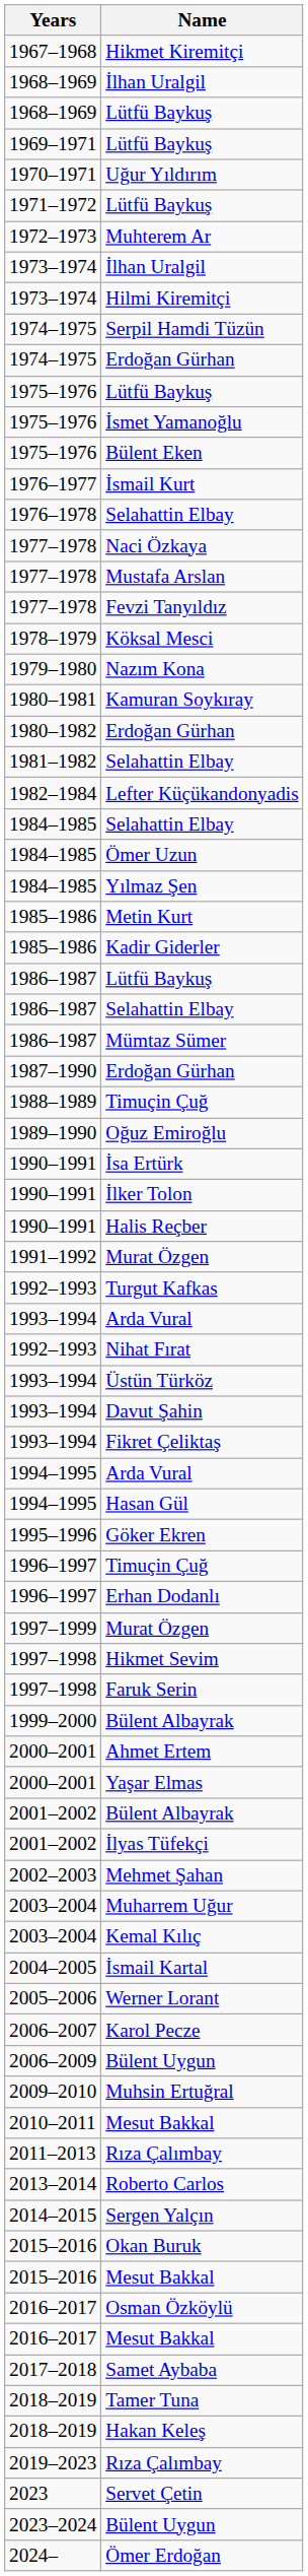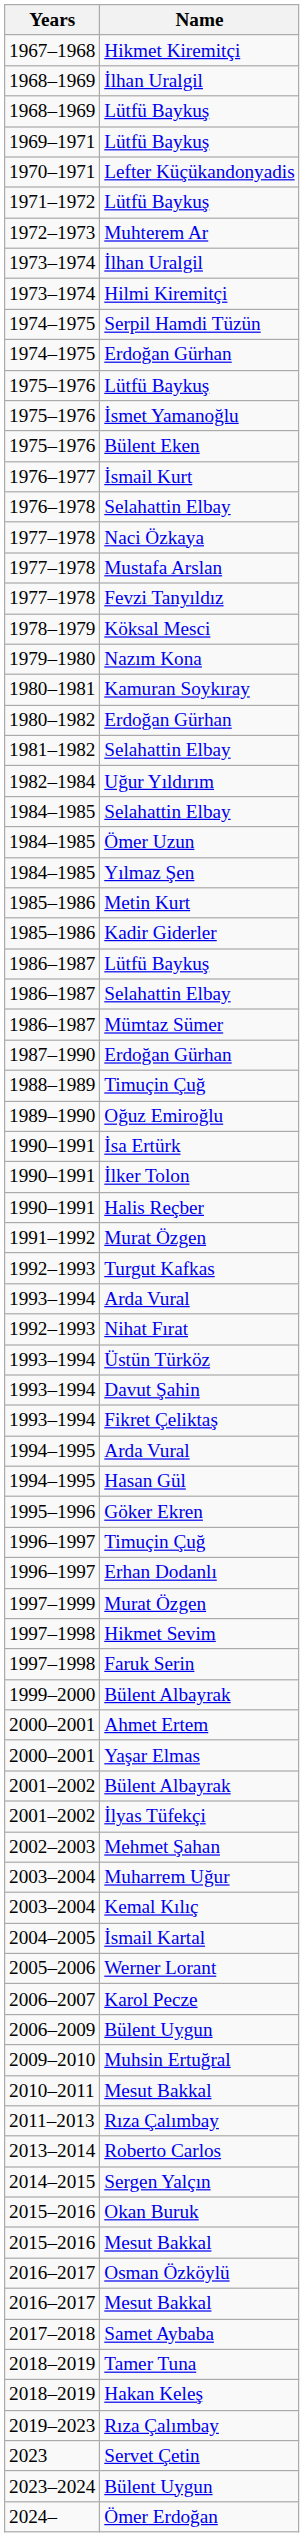 <table class="wikitable" style="text-align:left;">
 <tr>
 <th>Years</th>
 <th>Name</th>
 </tr>
 <tr>
 <td>1967–1968</td>
 <td> <a href='#'>Hikmet Kiremitçi</a></td>
 </tr>
 <tr>
 <td>1968–1969</td>
 <td> <a href='#'>İlhan Uralgil</a></td>
 </tr>
 <tr>
 <td>1968–1969</td>
 <td> <a href='#'>Lütfü Baykuş</a></td>
 </tr>
 <tr>
 <td>1969–1971</td>
 <td> <a href='#'>Lütfü Baykuş</a></td>
 </tr>
 <tr>
 <td>1970–1971</td>
-<td> <a href='#'>Uğur Yıldırım</a></td>
+<td> <a href='#'>Lefter Küçükandonyadis</a></td>
 </tr>
 <tr>
 <td>1971–1972</td>
 <td> <a href='#'>Lütfü Baykuş</a></td>
 </tr>
 <tr>
 <td>1972–1973</td>
 <td> <a href='#'>Muhterem Ar</a></td>
 </tr>
 <tr>
 <td>1973–1974</td>
 <td> <a href='#'>İlhan Uralgil</a></td>
 </tr>
 <tr>
 <td>1973–1974</td>
 <td> <a href='#'>Hilmi Kiremitçi</a></td>
 </tr>
 <tr>
 <td>1974–1975</td>
 <td> <a href='#'>Serpil Hamdi Tüzün</a></td>
 </tr>
 <tr>
 <td>1974–1975</td>
 <td> <a href='#'>Erdoğan Gürhan</a></td>
 </tr>
 <tr>
 <td>1975–1976</td>
 <td> <a href='#'>Lütfü Baykuş</a></td>
 </tr>
 <tr>
 <td>1975–1976</td>
 <td> <a href='#'>İsmet Yamanoğlu</a></td>
 </tr>
 <tr>
 <td>1975–1976</td>
 <td> <a href='#'>Bülent Eken</a></td>
 </tr>
 <tr>
 <td>1976–1977</td>
 <td> <a href='#'>İsmail Kurt</a></td>
 </tr>
 <tr>
 <td>1976–1978</td>
 <td> <a href='#'>Selahattin Elbay</a></td>
 </tr>
 <tr>
 <td>1977–1978</td>
 <td> <a href='#'>Naci Özkaya</a></td>
 </tr>
 <tr>
 <td>1977–1978</td>
 <td> <a href='#'>Mustafa Arslan</a></td>
 </tr>
 <tr>
 <td>1977–1978</td>
 <td> <a href='#'>Fevzi Tanyıldız</a></td>
 </tr>
 <tr>
 <td>1978–1979</td>
 <td> <a href='#'>Köksal Mesci</a></td>
 </tr>
 <tr>
 <td>1979–1980</td>
 <td> <a href='#'>Nazım Kona</a></td>
 </tr>
 <tr>
 <td>1980–1981</td>
 <td> <a href='#'>Kamuran Soykıray</a></td>
 </tr>
 <tr>
 <td>1980–1982</td>
 <td> <a href='#'>Erdoğan Gürhan</a></td>
 </tr>
 <tr>
 <td>1981–1982</td>
 <td> <a href='#'>Selahattin Elbay</a></td>
 </tr>
 <tr>
 <td>1982–1984</td>
-<td> <a href='#'>Lefter Küçükandonyadis</a></td>
+<td> <a href='#'>Uğur Yıldırım</a></td>
 </tr>
 <tr>
 <td>1984–1985</td>
 <td> <a href='#'>Selahattin Elbay</a></td>
 </tr>
 <tr>
 <td>1984–1985</td>
 <td> <a href='#'>Ömer Uzun</a></td>
 </tr>
 <tr>
 <td>1984–1985</td>
 <td> <a href='#'>Yılmaz Şen</a></td>
 </tr>
 <tr>
 <td>1985–1986</td>
 <td> <a href='#'>Metin Kurt</a></td>
 </tr>
 <tr>
 <td>1985–1986</td>
 <td> <a href='#'>Kadir Giderler</a></td>
 </tr>
 <tr>
 <td>1986–1987</td>
 <td> <a href='#'>Lütfü Baykuş</a></td>
 </tr>
 <tr>
 <td>1986–1987</td>
 <td> <a href='#'>Selahattin Elbay</a></td>
 </tr>
 <tr>
 <td>1986–1987</td>
 <td> <a href='#'>Mümtaz Sümer</a></td>
 </tr>
 <tr>
 <td>1987–1990</td>
 <td> <a href='#'>Erdoğan Gürhan</a></td>
 </tr>
 <tr>
 <td>1988–1989</td>
 <td> <a href='#'>Timuçin Çuğ</a></td>
 </tr>
 <tr>
 <td>1989–1990</td>
 <td> <a href='#'>Oğuz Emiroğlu</a></td>
 </tr>
 <tr>
 <td>1990–1991</td>
 <td> <a href='#'>İsa Ertürk</a></td>
 </tr>
 <tr>
 <td>1990–1991</td>
 <td> <a href='#'>İlker Tolon</a></td>
 </tr>
 <tr>
 <td>1990–1991</td>
 <td> <a href='#'>Halis Reçber</a></td>
 </tr>
 <tr>
 <td>1991–1992</td>
 <td> <a href='#'>Murat Özgen</a></td>
 </tr>
 <tr>
 <td>1992–1993</td>
 <td> <a href='#'>Turgut Kafkas</a></td>
 </tr>
 <tr>
 <td>1993–1994</td>
 <td> <a href='#'>Arda Vural</a></td>
 </tr>
 <tr>
 <td>1992–1993</td>
 <td> <a href='#'>Nihat Fırat</a></td>
 </tr>
 <tr>
 <td>1993–1994</td>
 <td> <a href='#'>Üstün Türköz</a></td>
 </tr>
 <tr>
 <td>1993–1994</td>
 <td> <a href='#'>Davut Şahin</a></td>
 </tr>
 <tr>
 <td>1993–1994</td>
 <td> <a href='#'>Fikret Çeliktaş</a></td>
 </tr>
 <tr>
 <td>1994–1995</td>
 <td> <a href='#'>Arda Vural</a></td>
 </tr>
 <tr>
 <td>1994–1995</td>
 <td> <a href='#'>Hasan Gül</a></td>
 </tr>
 <tr>
 <td>1995–1996</td>
 <td> <a href='#'>Göker Ekren</a></td>
 </tr>
 <tr>
 <td>1996–1997</td>
 <td> <a href='#'>Timuçin Çuğ</a></td>
 </tr>
 <tr>
 <td>1996–1997</td>
 <td> <a href='#'>Erhan Dodanlı</a></td>
 </tr>
 <tr>
 <td>1997–1999</td>
 <td> <a href='#'>Murat Özgen</a></td>
 </tr>
 <tr>
 <td>1997–1998</td>
 <td> <a href='#'>Hikmet Sevim</a></td>
 </tr>
 <tr>
 <td>1997–1998</td>
 <td> <a href='#'>Faruk Serin</a></td>
 </tr>
 <tr>
 <td>1999–2000</td>
 <td> <a href='#'>Bülent Albayrak</a></td>
 </tr>
 <tr>
 <td>2000–2001</td>
 <td> <a href='#'>Ahmet Ertem</a></td>
 </tr>
 <tr>
 <td>2000–2001</td>
 <td> <a href='#'>Yaşar Elmas</a></td>
 </tr>
 <tr>
 <td>2001–2002</td>
 <td> <a href='#'>Bülent Albayrak</a></td>
 </tr>
 <tr>
 <td>2001–2002</td>
 <td> <a href='#'>İlyas Tüfekçi</a></td>
 </tr>
 <tr>
 <td>2002–2003</td>
 <td> <a href='#'>Mehmet Şahan</a></td>
 </tr>
 <tr>
 <td>2003–2004</td>
 <td> <a href='#'>Muharrem Uğur</a></td>
 </tr>
 <tr>
 <td>2003–2004</td>
 <td> <a href='#'>Kemal Kılıç</a></td>
 </tr>
 <tr>
 <td>2004–2005</td>
 <td> <a href='#'>İsmail Kartal</a></td>
 </tr>
 <tr>
 <td>2005–2006</td>
 <td> <a href='#'>Werner Lorant</a></td>
 </tr>
 <tr>
 <td>2006–2007</td>
 <td> <a href='#'>Karol Pecze</a></td>
 </tr>
 <tr>
 <td>2006–2009</td>
 <td> <a href='#'>Bülent Uygun</a></td>
 </tr>
 <tr>
 <td>2009–2010</td>
 <td> <a href='#'>Muhsin Ertuğral</a></td>
 </tr>
 <tr>
 <td>2010–2011</td>
 <td> <a href='#'>Mesut Bakkal</a></td>
 </tr>
 <tr>
 <td>2011–2013</td>
 <td> <a href='#'>Rıza Çalımbay</a></td>
 </tr>
 <tr>
 <td>2013–2014</td>
 <td> <a href='#'>Roberto Carlos</a></td>
 </tr>
 <tr>
 <td>2014–2015</td>
 <td> <a href='#'>Sergen Yalçın</a></td>
 </tr>
 <tr>
 <td>2015–2016</td>
 <td> <a href='#'>Okan Buruk</a></td>
 </tr>
 <tr>
 <td>2015–2016</td>
 <td> <a href='#'>Mesut Bakkal</a></td>
 </tr>
 <tr>
 <td>2016–2017</td>
 <td> <a href='#'>Osman Özköylü</a></td>
 </tr>
 <tr>
 <td>2016–2017</td>
 <td> <a href='#'>Mesut Bakkal</a></td>
 </tr>
 <tr>
 <td>2017–2018</td>
 <td> <a href='#'>Samet Aybaba</a></td>
 </tr>
 <tr>
 <td>2018–2019</td>
 <td> <a href='#'>Tamer Tuna</a></td>
 </tr>
 <tr>
 <td>2018–2019</td>
 <td> <a href='#'>Hakan Keleş</a></td>
 </tr>
 <tr>
 <td>2019–2023</td>
 <td> <a href='#'>Rıza Çalımbay</a></td>
 </tr>
 <tr>
 <td>2023</td>
 <td> <a href='#'>Servet Çetin</a></td>
 </tr>
 <tr>
 <td>2023–2024</td>
 <td> <a href='#'>Bülent Uygun</a></td>
 </tr>
 <tr>
 <td>2024–</td>
 <td> <a href='#'>Ömer Erdoğan</a></td>
 </tr>
 </table>
